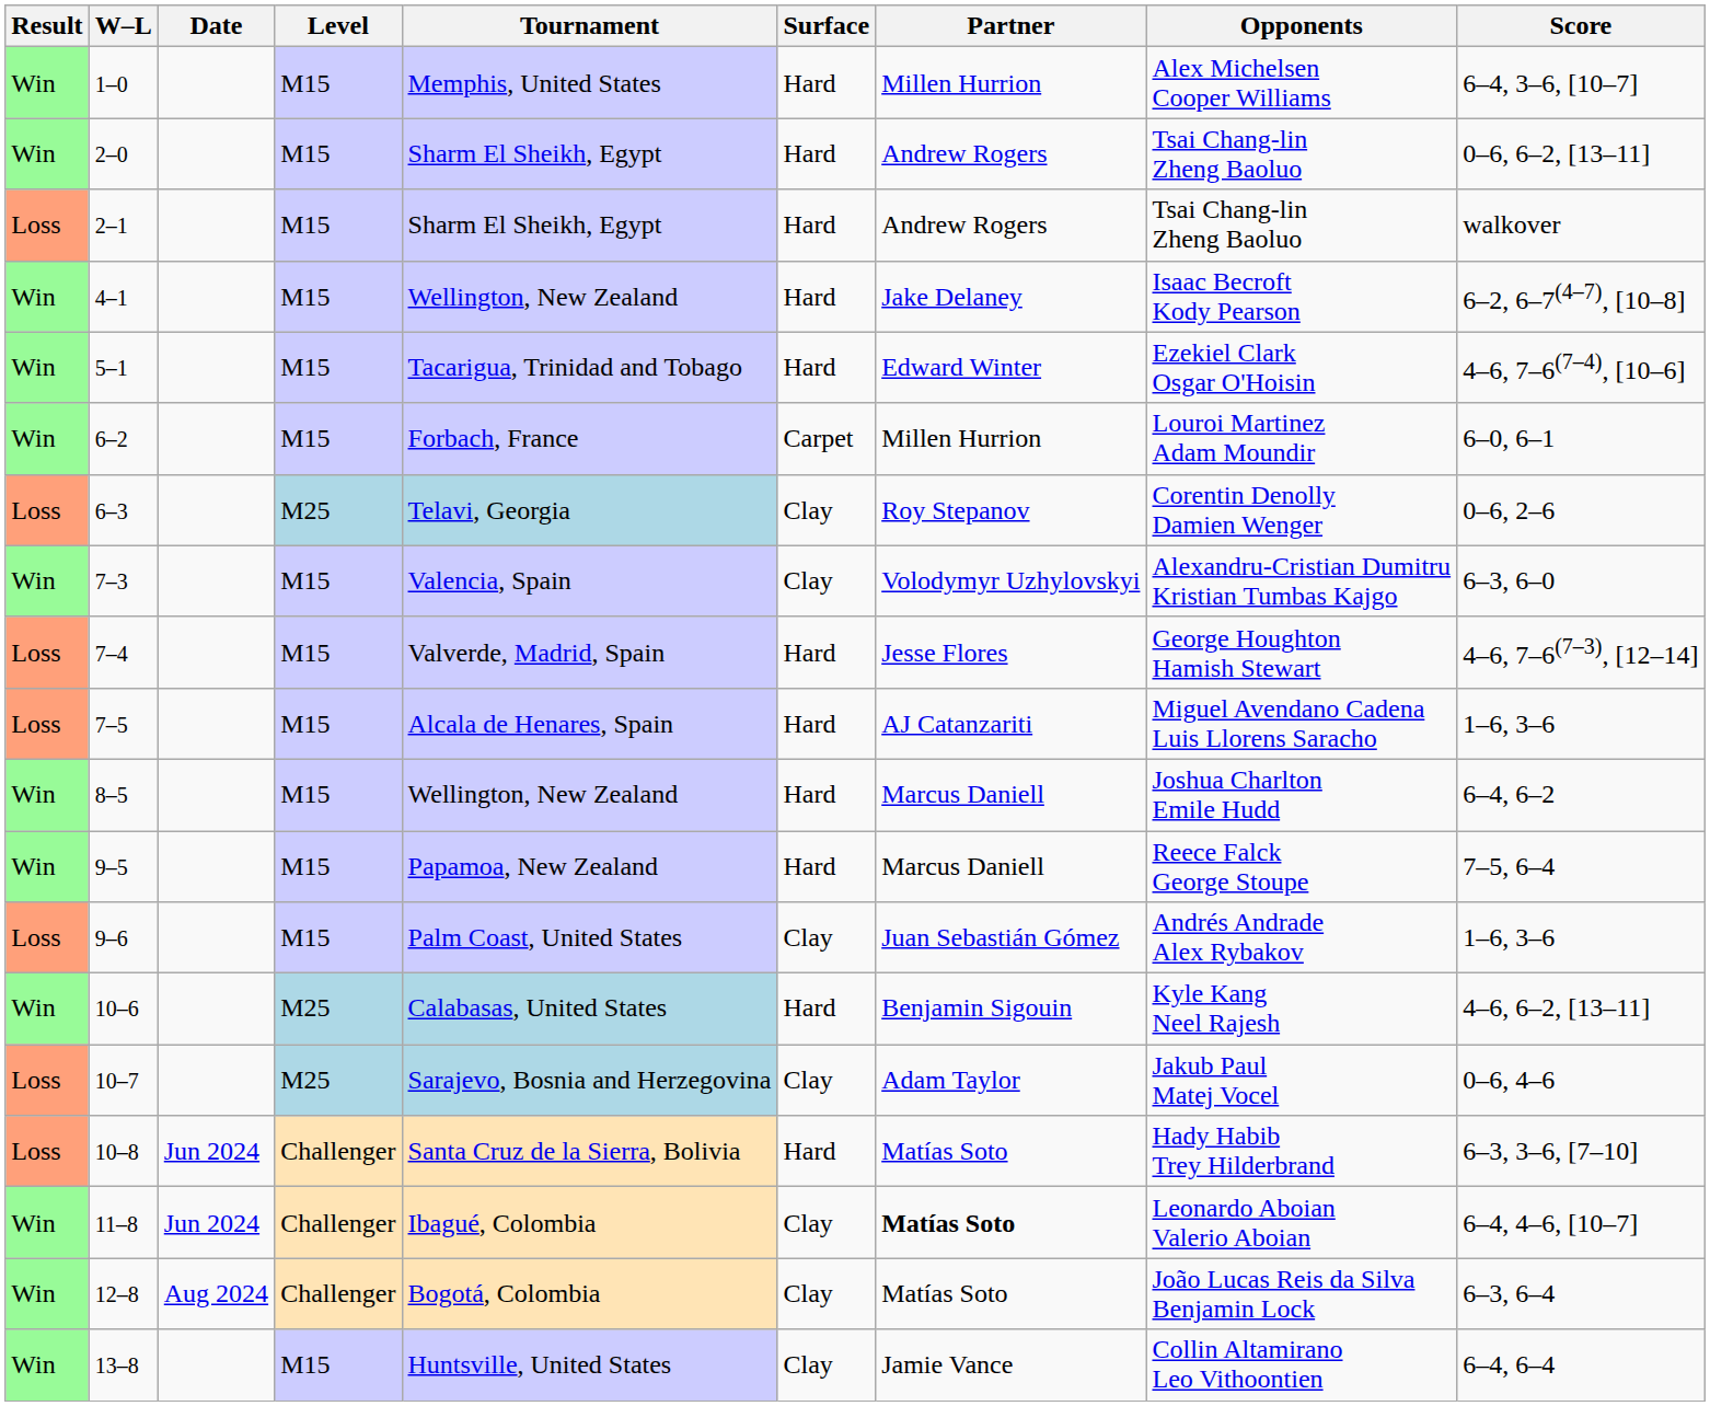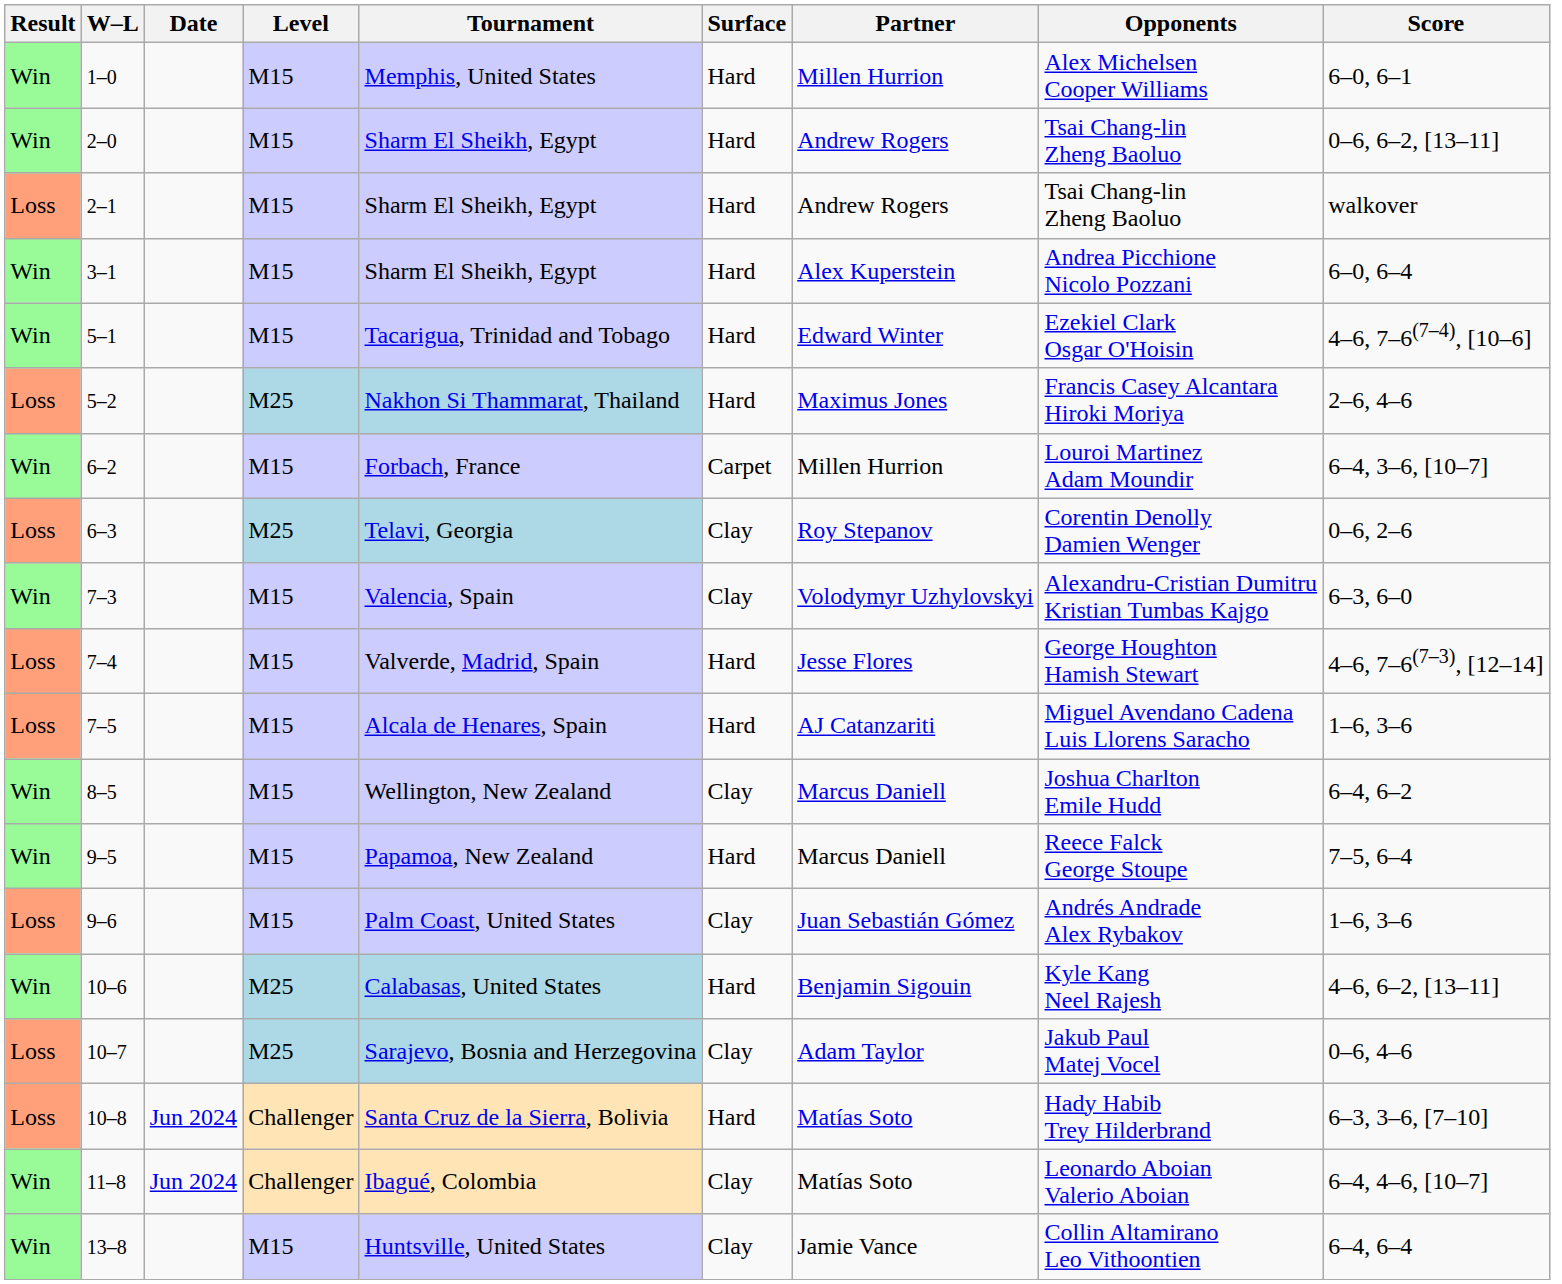 <table class="sortable wikitable">
 <tr>
 <th>Result</th>
 <th class="unsortable">W–L</th>
 <th>Date</th>
 <th>Level</th>
 <th>Tournament</th>
 <th>Surface</th>
 <th>Partner</th>
 <th>Opponents</th>
 <th class="unsortable">Score</th>
 </tr>
 <tr>
 <td style="background:#98fb98;">Win</td>
 <td><small>1–0</small></td>
 <td></td>
 <td style="background:#ccccff;">M15</td>
 <td style="background:#ccccff;"><a href='#'>Memphis</a>, United States</td>
 <td>Hard</td>
 <td> <a href='#'>Millen Hurrion</a></td>
 <td> <a href='#'>Alex Michelsen</a> <br>  <a href='#'>Cooper Williams</a></td>
-<td>6–4, 3–6, [10–7]</td>
+<td>6–0, 6–1</td>
 </tr>
 <tr>
 <td style="background:#98fb98;">Win</td>
 <td><small>2–0</small></td>
 <td></td>
 <td style="background:#ccccff;">M15</td>
 <td style="background:#ccccff;"><a href='#'>Sharm El Sheikh</a>, Egypt</td>
 <td>Hard</td>
 <td> <a href='#'>Andrew Rogers</a></td>
 <td> <a href='#'>Tsai Chang-lin</a> <br>  <a href='#'>Zheng Baoluo</a></td>
 <td>0–6, 6–2, [13–11]</td>
 </tr>
 <tr>
 <td bgcolor=FFA07A>Loss</td>
 <td><small>2–1</small></td>
 <td></td>
 <td style="background:#ccccff;">M15</td>
 <td style="background:#ccccff;">Sharm El Sheikh, Egypt</td>
 <td>Hard</td>
 <td> Andrew Rogers</td>
 <td> Tsai Chang-lin <br>  Zheng Baoluo</td>
 <td>walkover</td>
 </tr>
 <tr>
 <td style="background:#98fb98;">Win</td>
-<td><small>4–1</small></td>
+<td><small>3–1</small></td>
 <td></td>
 <td style="background:#ccccff;">M15</td>
-<td style="background:#ccccff;"><a href='#'>Wellington</a>, New Zealand</td>
+<td style="background:#ccccff;">Sharm El Sheikh, Egypt</td>
 <td>Hard</td>
-<td> <a href='#'>Jake Delaney</a></td>
-<td> <a href='#'>Isaac Becroft</a> <br>  <a href='#'>Kody Pearson</a></td>
-<td>6–2, 6–7<sup>(4–7)</sup>, [10–8]</td>
+<td> <a href='#'>Alex Kuperstein</a></td>
+<td> <a href='#'>Andrea Picchione</a> <br>  <a href='#'>Nicolo Pozzani</a></td>
+<td>6–0, 6–4</td>
 </tr>
 <tr>
 <td style="background:#98fb98;">Win</td>
 <td><small>5–1</small></td>
 <td></td>
 <td style="background:#ccccff;">M15</td>
 <td style="background:#ccccff;"><a href='#'>Tacarigua</a>, Trinidad and Tobago</td>
 <td>Hard</td>
 <td> <a href='#'>Edward Winter</a></td>
 <td> <a href='#'>Ezekiel Clark</a> <br>  <a href='#'>Osgar O'Hoisin</a></td>
 <td>4–6, 7–6<sup>(7–4)</sup>, [10–6]</td>
 </tr>
 <tr>
+<td bgcolor=FFA07A>Loss</td>
+<td><small>5–2</small></td>
+<td></td>
+<td style="background:lightblue;">M25</td>
+<td style="background:lightblue;"><a href='#'>Nakhon Si Thammarat</a>, Thailand</td>
+<td>Hard</td>
+<td> <a href='#'>Maximus Jones</a></td>
+<td> <a href='#'>Francis Casey Alcantara</a> <br>  <a href='#'>Hiroki Moriya</a></td>
+<td>2–6, 4–6</td>
+</tr>
+<tr>
 <td style="background:#98fb98;">Win</td>
 <td><small>6–2</small></td>
 <td></td>
 <td style="background:#ccccff;">M15</td>
 <td style="background:#ccccff;"><a href='#'>Forbach</a>, France</td>
 <td>Carpet</td>
 <td> Millen Hurrion</td>
 <td> <a href='#'>Louroi Martinez</a> <br>  <a href='#'>Adam Moundir</a></td>
-<td>6–0, 6–1</td>
+<td>6–4, 3–6, [10–7]</td>
 </tr>
 <tr>
 <td bgcolor=FFA07A>Loss</td>
 <td><small>6–3</small></td>
 <td></td>
 <td style="background:lightblue;">M25</td>
 <td style="background:lightblue;"><a href='#'>Telavi</a>, Georgia</td>
 <td>Clay</td>
 <td> <a href='#'>Roy Stepanov</a></td>
 <td> <a href='#'>Corentin Denolly</a> <br>  <a href='#'>Damien Wenger</a></td>
 <td>0–6, 2–6</td>
 </tr>
 <tr>
 <td style="background:#98fb98;">Win</td>
 <td><small>7–3</small></td>
 <td></td>
 <td style="background:#ccccff;">M15</td>
 <td style="background:#ccccff;"><a href='#'>Valencia</a>, Spain</td>
 <td>Clay</td>
 <td> <a href='#'>Volodymyr Uzhylovskyi</a></td>
 <td> <a href='#'>Alexandru-Cristian Dumitru</a> <br>  <a href='#'>Kristian Tumbas Kajgo</a></td>
 <td>6–3, 6–0</td>
 </tr>
 <tr>
 <td bgcolor=FFA07A>Loss</td>
 <td><small>7–4</small></td>
 <td></td>
 <td style="background:#ccccff;">M15</td>
 <td style="background:#ccccff;">Valverde, <a href='#'>Madrid</a>, Spain</td>
 <td>Hard</td>
 <td> <a href='#'>Jesse Flores</a></td>
 <td> <a href='#'>George Houghton</a> <br>  <a href='#'>Hamish Stewart</a></td>
 <td>4–6, 7–6<sup>(7–3)</sup>, [12–14]</td>
 </tr>
 <tr>
 <td bgcolor=FFA07A>Loss</td>
 <td><small>7–5</small></td>
 <td></td>
 <td style="background:#ccccff;">M15</td>
 <td style="background:#ccccff;"><a href='#'>Alcala de Henares</a>, Spain</td>
 <td>Hard</td>
 <td> <a href='#'>AJ Catanzariti</a></td>
 <td> <a href='#'>Miguel Avendano Cadena</a> <br>  <a href='#'>Luis Llorens Saracho</a></td>
 <td>1–6, 3–6</td>
 </tr>
 <tr>
 <td style="background:#98fb98;">Win</td>
 <td><small>8–5</small></td>
 <td></td>
 <td style="background:#ccccff;">M15</td>
 <td style="background:#ccccff;">Wellington, New Zealand</td>
-<td>Hard</td>
+<td>Clay</td>
 <td> <a href='#'>Marcus Daniell</a></td>
 <td> <a href='#'>Joshua Charlton</a> <br>  <a href='#'>Emile Hudd</a></td>
 <td>6–4, 6–2</td>
 </tr>
 <tr>
 <td style="background:#98fb98;">Win</td>
 <td><small>9–5</small></td>
 <td></td>
 <td style="background:#ccccff;">M15</td>
 <td style="background:#ccccff;"><a href='#'>Papamoa</a>, New Zealand</td>
 <td>Hard</td>
 <td> Marcus Daniell</td>
 <td> <a href='#'>Reece Falck</a> <br>  <a href='#'>George Stoupe</a></td>
 <td>7–5, 6–4</td>
 </tr>
 <tr>
 <td style="background:#ffa07a;">Loss</td>
 <td><small>9–6</small></td>
 <td></td>
 <td style="background:#ccccff;">M15</td>
 <td style="background:#ccccff;"><a href='#'>Palm Coast</a>, United States</td>
 <td>Clay</td>
 <td> <a href='#'>Juan Sebastián Gómez</a></td>
 <td> <a href='#'>Andrés Andrade</a> <br>  <a href='#'>Alex Rybakov</a></td>
 <td>1–6, 3–6</td>
 </tr>
 <tr>
 <td style="background:#98fb98;">Win</td>
 <td><small>10–6</small></td>
 <td></td>
 <td style="background:lightblue;">M25</td>
 <td style="background:lightblue;"><a href='#'>Calabasas</a>, United States</td>
 <td>Hard</td>
 <td> <a href='#'>Benjamin Sigouin</a></td>
 <td> <a href='#'>Kyle Kang</a> <br>  <a href='#'>Neel Rajesh</a></td>
 <td>4–6, 6–2, [13–11]</td>
 </tr>
 <tr>
 <td style="background:#ffa07a;">Loss</td>
 <td><small>10–7</small></td>
 <td></td>
 <td style="background:lightblue;">M25</td>
 <td style="background:lightblue;"><a href='#'>Sarajevo</a>, Bosnia and Herzegovina</td>
 <td>Clay</td>
 <td> <a href='#'>Adam Taylor</a></td>
 <td> <a href='#'>Jakub Paul</a> <br>  <a href='#'>Matej Vocel</a></td>
 <td>0–6, 4–6</td>
 </tr>
 <tr>
 <td style="background:#ffa07a;">Loss</td>
 <td><small>10–8</small></td>
 <td><a href='#'>Jun 2024</a></td>
 <td style="background:moccasin">Challenger</td>
 <td style="background:moccasin"><a href='#'>Santa Cruz de la Sierra</a>, Bolivia</td>
 <td>Hard</td>
 <td> <a href='#'>Matías Soto</a></td>
 <td> <a href='#'>Hady Habib</a> <br>  <a href='#'>Trey Hilderbrand</a></td>
 <td>6–3, 3–6, [7–10]</td>
 </tr>
 <tr>
 <td style="background:#98fb98;">Win</td>
 <td><small>11–8</small></td>
 <td><a href='#'>Jun 2024</a></td>
 <td style="background:moccasin">Challenger</td>
 <td style="background:moccasin"><a href='#'>Ibagué</a>, Colombia</td>
 <td>Clay</td>
-<td><strong> Matías Soto</strong></td>
+<td> Matías Soto</td>
 <td> <a href='#'>Leonardo Aboian</a> <br>  <a href='#'>Valerio Aboian</a></td>
 <td>6–4, 4–6, [10–7]</td>
-</tr>
-<tr>
-<td style="background:#98fb98;">Win</td>
-<td><small>12–8</small></td>
-<td><a href='#'>Aug 2024</a></td>
-<td style="background:moccasin">Challenger</td>
-<td style="background:moccasin"><a href='#'>Bogotá</a>, Colombia</td>
-<td>Clay</td>
-<td> Matías Soto</td>
-<td> <a href='#'>João Lucas Reis da Silva</a> <br>  <a href='#'>Benjamin Lock</a></td>
-<td>6–3, 6–4</td>
 </tr>
 <tr>
 <td style="background:#98fb98;">Win</td>
 <td><small>13–8</small></td>
 <td></td>
 <td style="background:#ccccff;">M15</td>
 <td style="background:#ccccff;"><a href='#'>Huntsville</a>, United States</td>
 <td>Clay</td>
 <td> Jamie Vance</td>
 <td> <a href='#'>Collin Altamirano</a> <br>  <a href='#'>Leo Vithoontien</a></td>
 <td>6–4, 6–4</td>
 </tr>
 </table>
